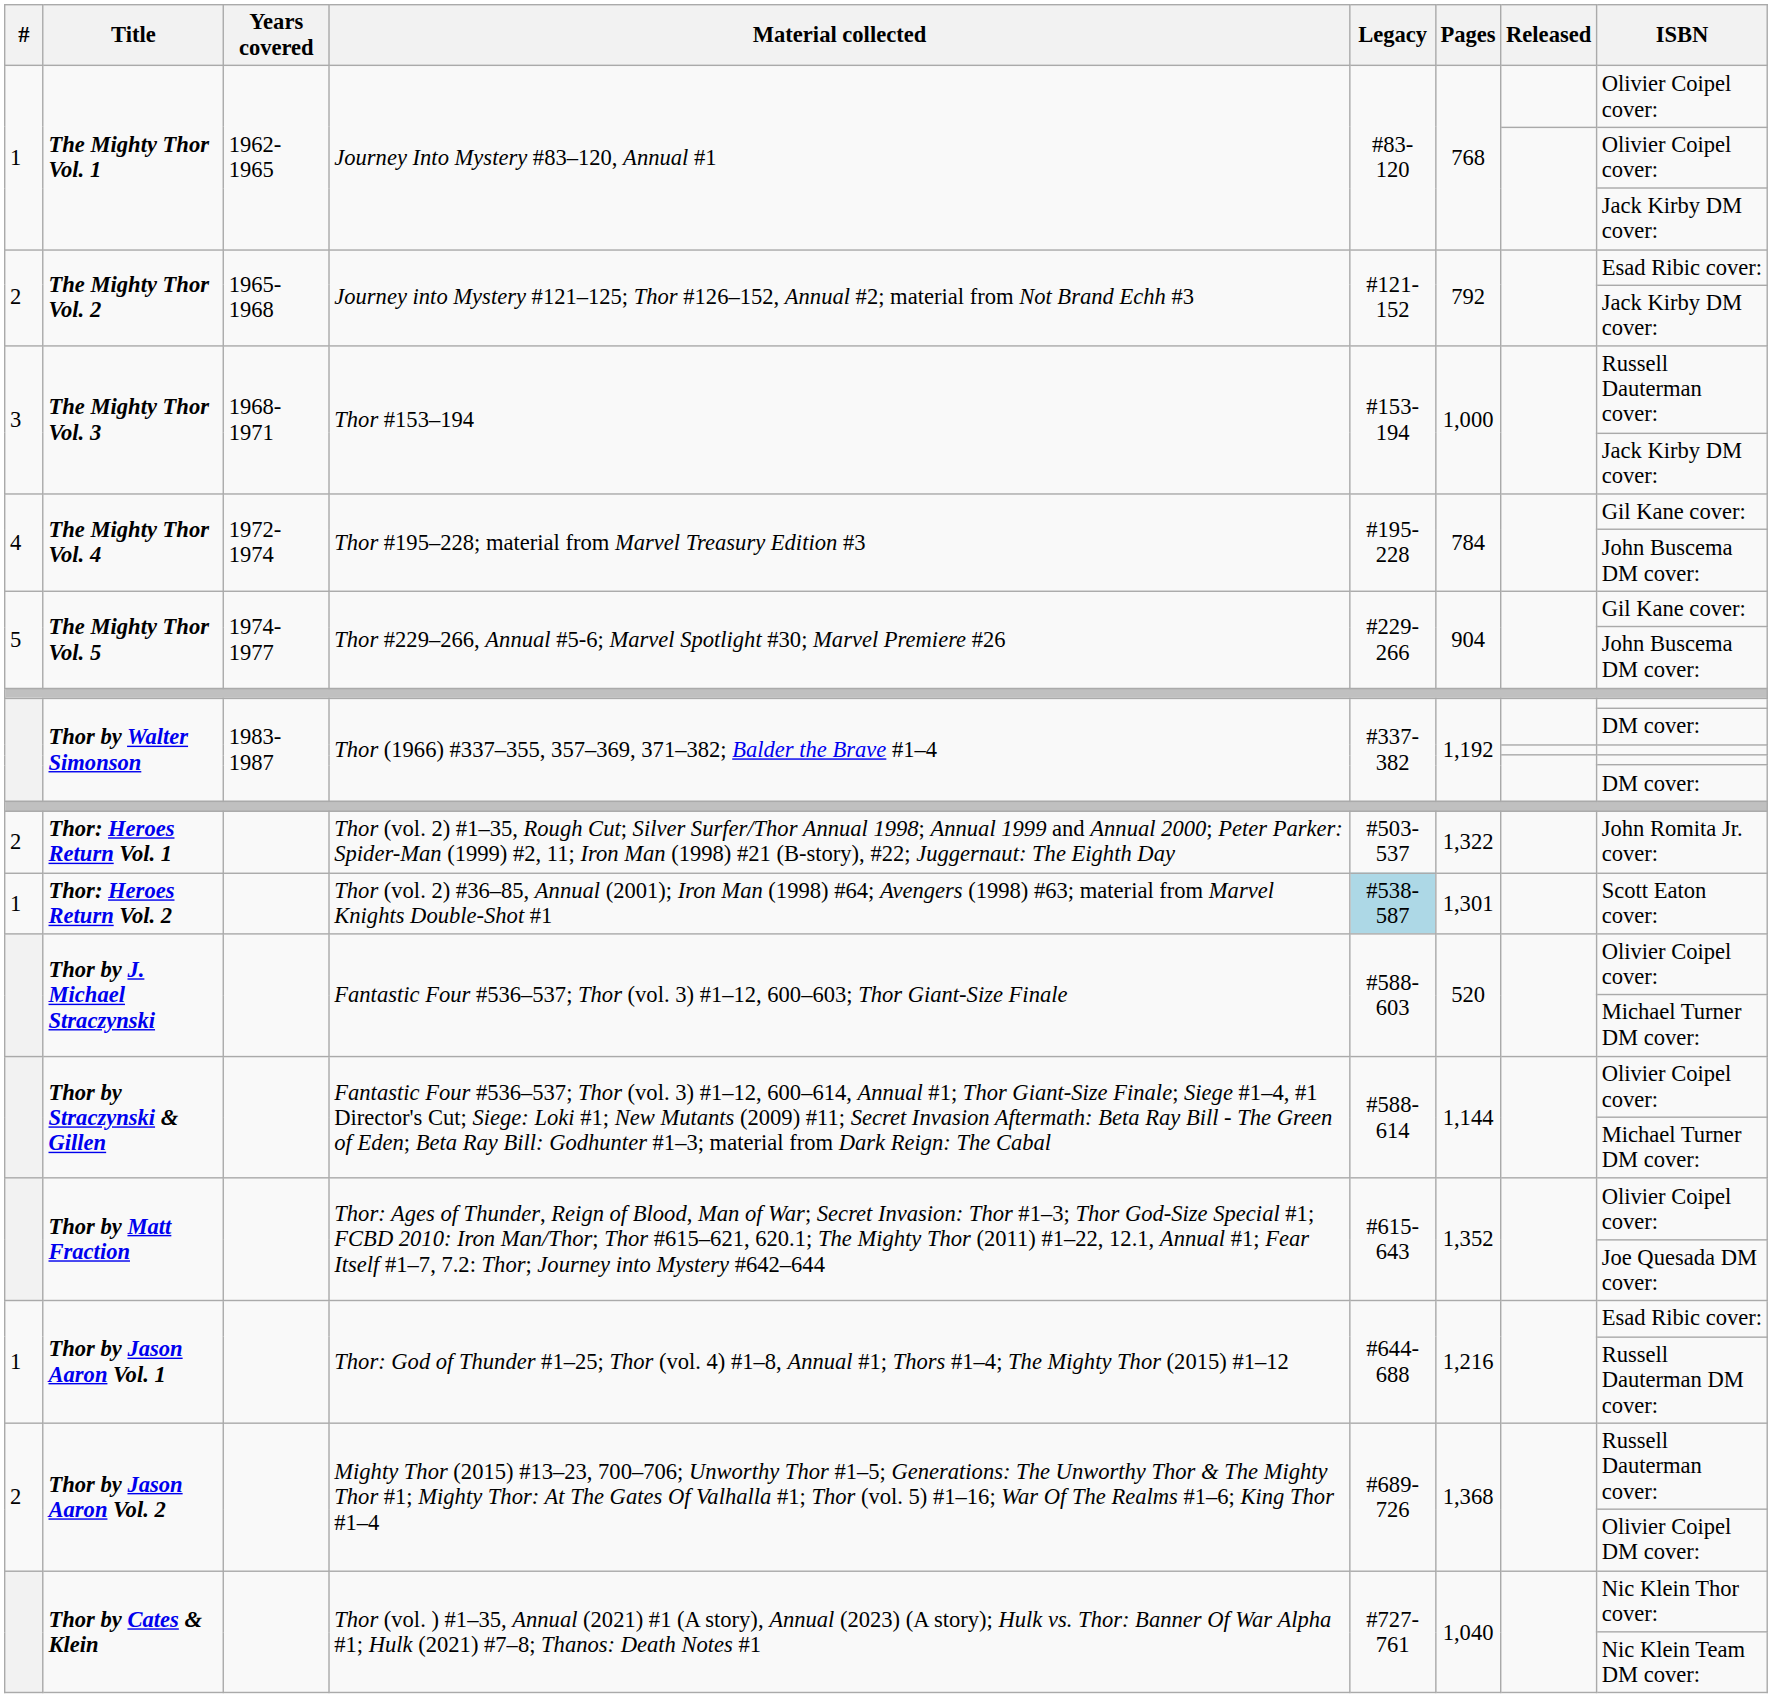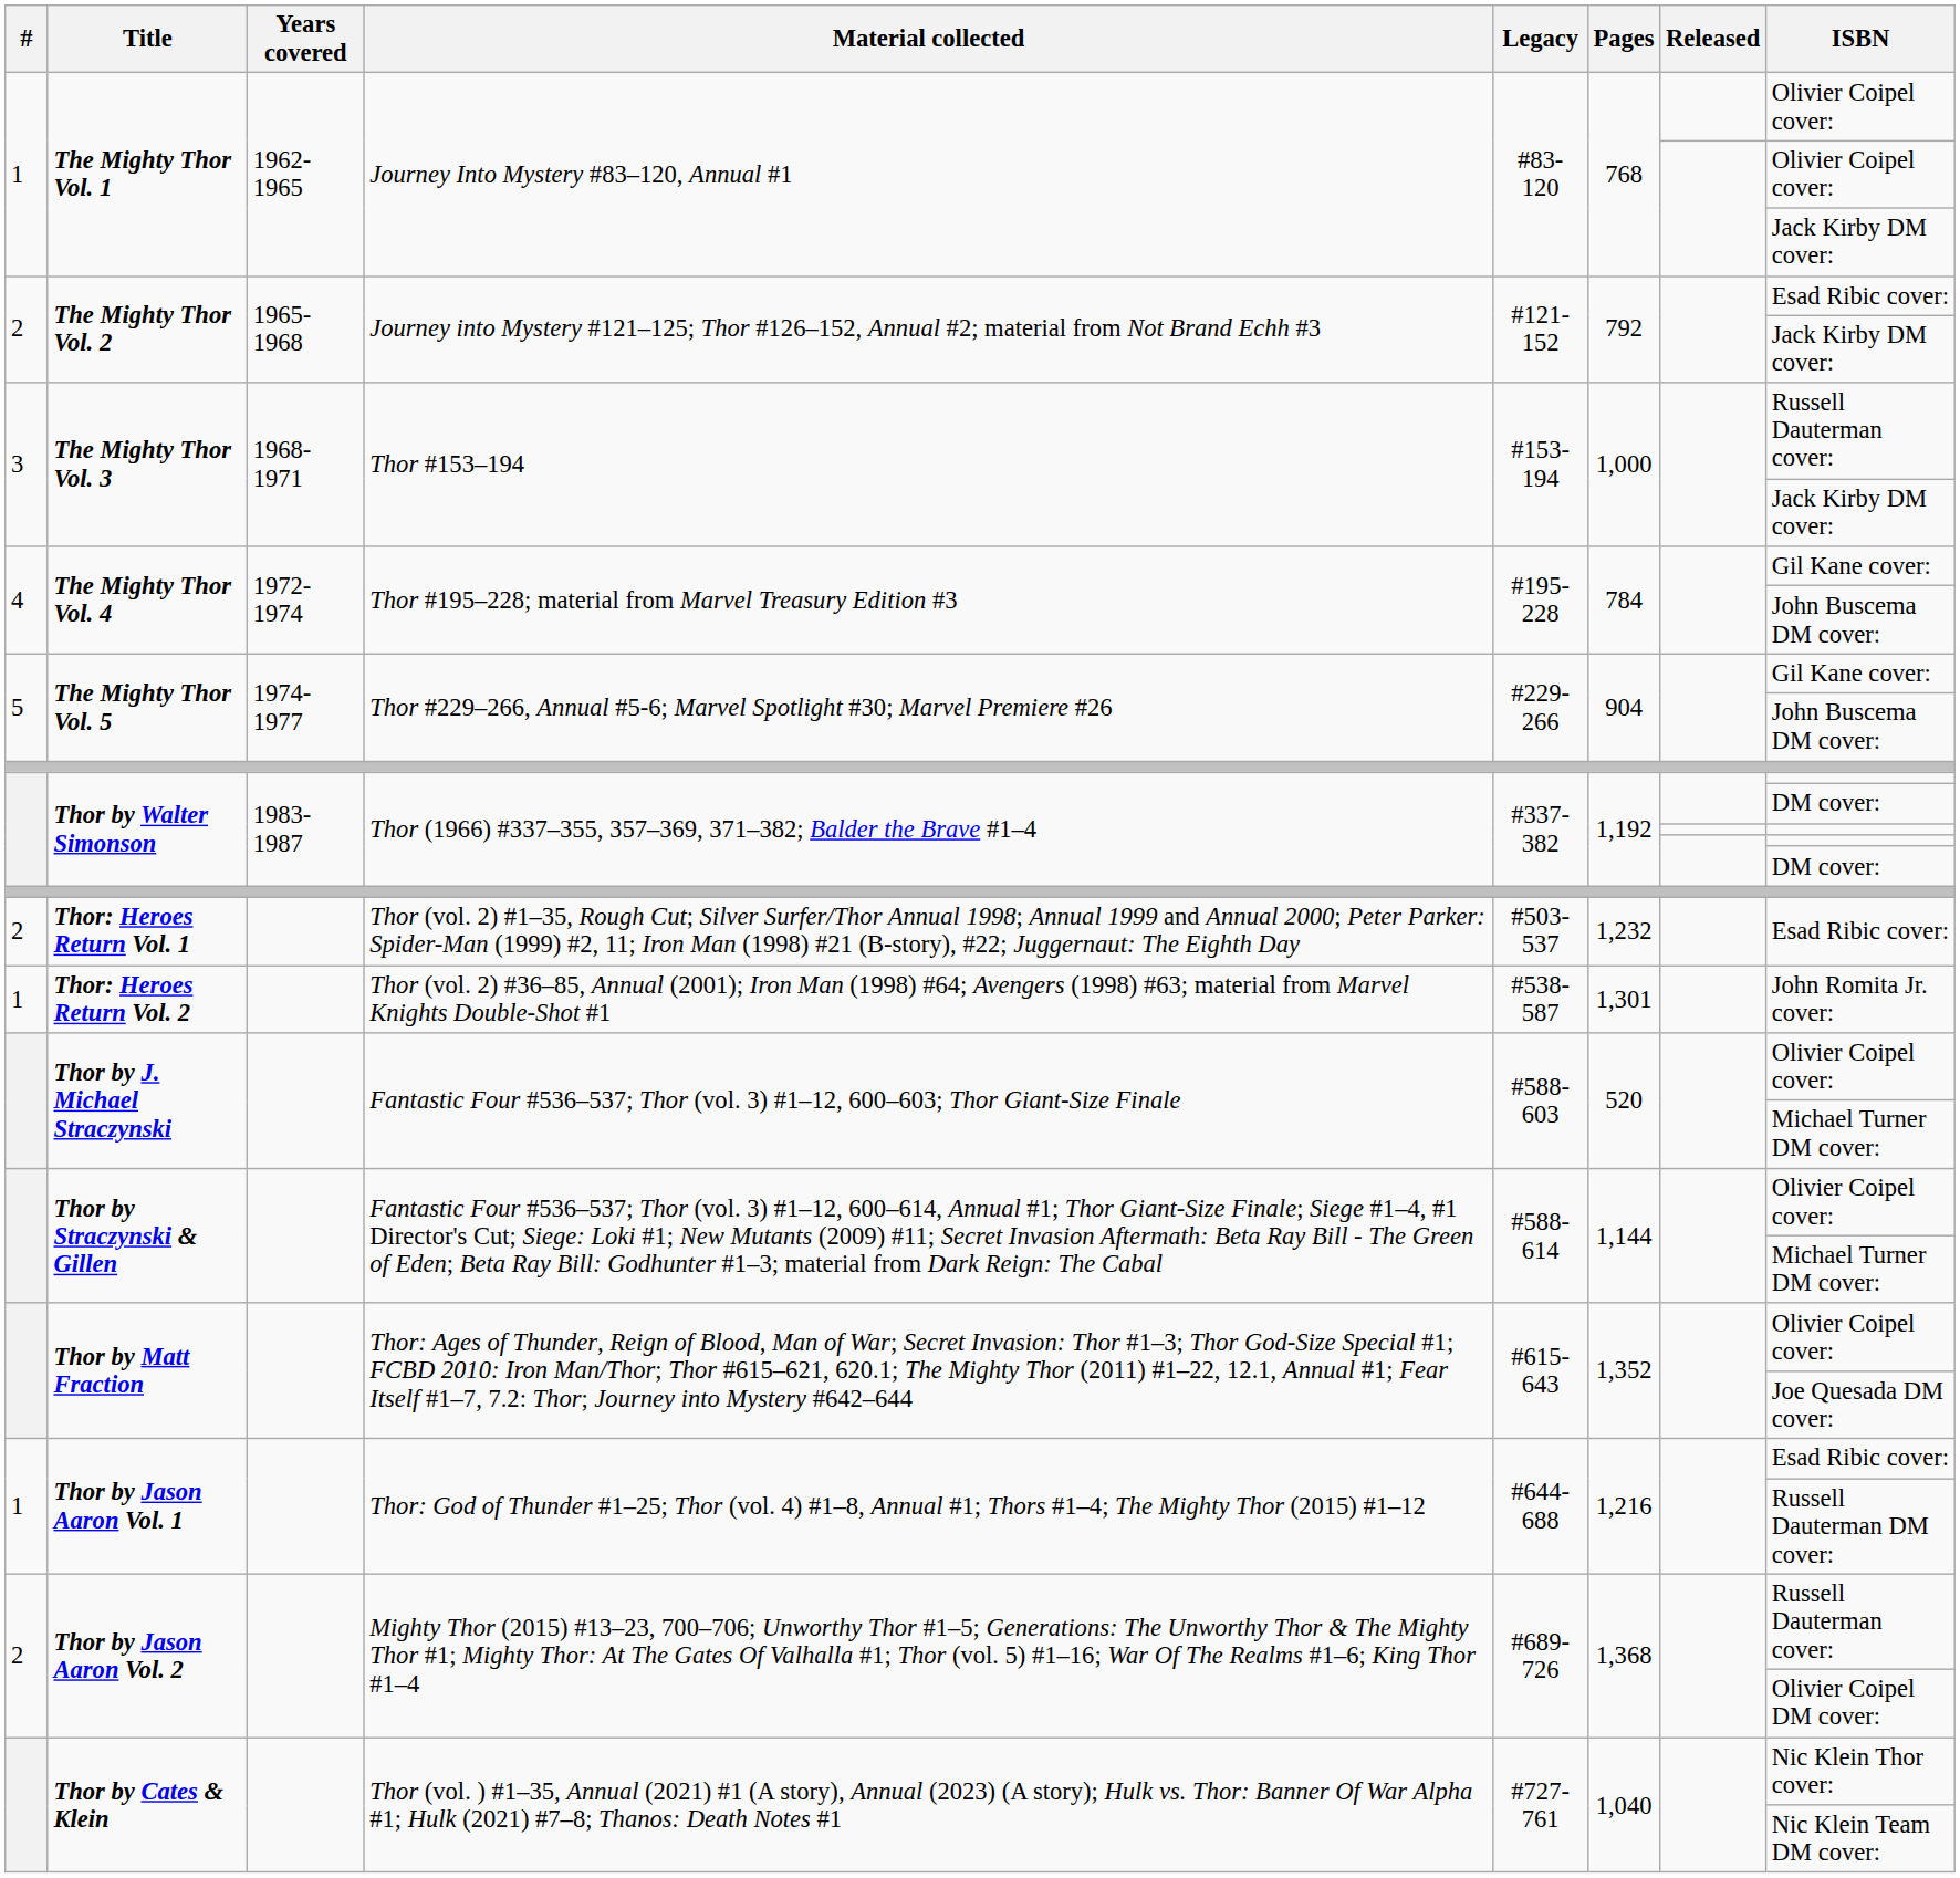 <table class="wikitable sortable" width="99%">
 <tr>
 <th class="unsortable" width="20px">#</th>
 <th>Title</th>
 <th>Years covered</th>
 <th class="unsortable">Material collected</th>
 <th>Legacy</th>
 <th>Pages</th>
 <th>Released</th>
 <th class="unsortable">ISBN</th>
 </tr>
 <tr>
 <td rowspan=3>1</td>
 <td rowspan=3><strong><em>The Mighty Thor Vol. 1</em></strong></td>
 <td rowspan=3>1962-1965</td>
 <td rowspan=3><em>Journey Into Mystery</em> #83–120, <em>Annual</em> #1</td>
 <td rowspan=3 style="text-align: center;">#83-120</td>
 <td rowspan=3 style="text-align: center;">768</td>
 <td></td>
 <td>Olivier Coipel cover: </td>
 </tr>
 <tr>
 <td rowspan=2></td>
 <td>Olivier Coipel cover: </td>
 </tr>
 <tr>
 <td>Jack Kirby DM cover: </td>
 </tr>
 <tr>
 <td rowspan=2>2</td>
 <td rowspan=2><strong><em>The Mighty Thor Vol. 2</em></strong></td>
 <td rowspan=2>1965-1968</td>
 <td rowspan=2><em>Journey into Mystery</em> #121–125; <em>Thor</em> #126–152, <em>Annual</em> #2; material from <em>Not Brand Echh</em> #3</td>
 <td rowspan=2 style="text-align: center;">#121-152</td>
 <td rowspan=2 style="text-align: center;">792</td>
 <td rowspan=2></td>
 <td>Esad Ribic cover: </td>
 </tr>
 <tr>
 <td>Jack Kirby DM cover: </td>
 </tr>
 <tr>
 <td rowspan=2>3</td>
 <td rowspan=2><strong><em>The Mighty Thor Vol. 3</em></strong></td>
 <td rowspan=2>1968-1971</td>
 <td rowspan=2><em>Thor</em> #153–194</td>
 <td rowspan=2 style="text-align: center;">#153-194</td>
 <td rowspan=2 style="text-align: center;">1,000</td>
 <td rowspan=2></td>
 <td>Russell Dauterman cover: </td>
 </tr>
 <tr>
 <td>Jack Kirby DM cover: </td>
 </tr>
 <tr>
 <td rowspan=2>4</td>
 <td rowspan=2><strong><em>The Mighty Thor Vol. 4</em></strong></td>
 <td rowspan=2>1972-1974</td>
 <td rowspan=2><em>Thor</em> #195–228; material from <em>Marvel Treasury Edition</em> #3</td>
 <td rowspan=2 style="text-align: center;">#195-228</td>
 <td rowspan=2 style="text-align: center;">784</td>
 <td rowspan=2></td>
 <td>Gil Kane cover: </td>
 </tr>
 <tr>
 <td>John Buscema DM cover: </td>
 </tr>
 <tr>
 <td rowspan=2>5</td>
 <td rowspan=2><strong><em>The Mighty Thor Vol. 5</em></strong></td>
 <td rowspan="2">1974-1977</td>
 <td rowspan=2><em>Thor</em> #229–266, <em>Annual</em> #5-6; <em>Marvel Spotlight</em> #30; <em>Marvel Premiere</em> #26</td>
 <td rowspan=2 style="text-align: center;">#229-266</td>
 <td rowspan=2 style="text-align: center;">904</td>
 <td rowspan=2></td>
 <td>Gil Kane cover: </td>
 </tr>
 <tr>
 <td>John Buscema DM cover: </td>
 </tr>
 <tr>
 <th colspan=8 style="background-color: silver;"></th>
 </tr>
 <tr>
 <th rowspan=5 style="background-color: light grey;"></th>
 <td rowspan=5><strong><em>Thor by <a href='#'>Walter Simonson</a></em></strong></td>
 <td rowspan=5>1983-1987</td>
 <td rowspan=5><em>Thor</em> (1966) #337–355, 357–369, 371–382; <em><a href='#'>Balder the Brave</a></em> #1–4</td>
 <td rowspan=5 style="text-align: center;">#337-382</td>
 <td rowspan=5 style="text-align: center;">1,192</td>
 <td rowspan=2></td>
 <td></td>
 </tr>
 <tr>
 <td>DM cover: </td>
 </tr>
 <tr>
 <td></td>
 <td></td>
 </tr>
 <tr>
 <td rowspan=2></td>
 <td></td>
 </tr>
 <tr>
 <td>DM cover: </td>
 </tr>
 <tr>
 <th colspan=8 style="background-color: silver;"></th>
 </tr>
 <tr>
 <td>2</td>
 <td><strong><em>Thor: <a href='#'>Heroes Return</a> Vol. 1</em></strong></td>
 <td></td>
 <td><em>Thor</em> (vol. 2) #1–35, <em>Rough Cut</em>; <em>Silver Surfer/Thor Annual 1998</em>; <em>Annual 1999</em> and <em>Annual 2000</em>; <em>Peter Parker: Spider-Man</em> (1999) #2, 11; <em>Iron Man</em> (1998) #21 (B-story), #22; <em>Juggernaut: The Eighth Day</em></td>
 <td style="text-align: center;">#503-537</td>
-<td style="text-align: center;">1,322</td>
+<td style="text-align: center;">1,232</td>
 <td></td>
-<td>John Romita Jr. cover: </td>
+<td>Esad Ribic cover: </td>
 </tr>
 <tr>
 <td>1</td>
 <td><strong><em>Thor: <a href='#'>Heroes Return</a> Vol. 2</em></strong></td>
 <td></td>
 <td><em>Thor</em> (vol. 2) #36–85, <em>Annual</em> (2001); <em>Iron Man</em> (1998) #64; <em>Avengers</em> (1998) #63; material from <em>Marvel Knights Double-Shot</em> #1</td>
-<td style="background: lightblue; text-align: center;">#538-587</td>
+<td style="text-align: center;">#538-587</td>
 <td style="text-align: center;">1,301</td>
 <td></td>
-<td>Scott Eaton cover: </td>
+<td>John Romita Jr. cover: </td>
 </tr>
 <tr>
 <th rowspan=2 style="background-color: light grey;"></th>
 <td rowspan=2><strong><em>Thor by <a href='#'>J. Michael Straczynski</a></em></strong></td>
 <td rowspan=2></td>
 <td rowspan=2><em>Fantastic Four</em> #536–537; <em>Thor</em> (vol. 3) #1–12, 600–603; <em>Thor Giant-Size Finale</em></td>
 <td rowspan=2 style="text-align: center;">#588-603</td>
 <td rowspan=2 style="text-align: center;">520</td>
 <td rowspan=2></td>
 <td>Olivier Coipel cover: </td>
 </tr>
 <tr>
 <td>Michael Turner DM cover: </td>
 </tr>
 <tr>
 <th rowspan=2 style="background-color: light grey;"></th>
 <td rowspan=2><strong><em>Thor by <a href='#'>Straczynski</a> & <a href='#'>Gillen</a></em></strong></td>
 <td rowspan=2></td>
 <td rowspan=2><em>Fantastic Four</em> #536–537; <em>Thor</em> (vol. 3) #1–12, 600–614, <em>Annual</em> #1; <em>Thor Giant-Size Finale</em>; <em>Siege</em> #1–4, #1 Director's Cut; <em>Siege: Loki</em> #1; <em>New Mutants</em> (2009) #11; <em>Secret Invasion Aftermath: Beta Ray Bill - The Green of Eden</em>; <em>Beta Ray Bill: Godhunter</em> #1–3; material from <em>Dark Reign: The Cabal</em></td>
 <td rowspan=2 style="text-align: center;">#588-614</td>
 <td rowspan=2 style="text-align: center;">1,144</td>
 <td rowspan=2></td>
 <td>Olivier Coipel cover: </td>
 </tr>
 <tr>
 <td>Michael Turner DM cover: </td>
 </tr>
 <tr>
 <th rowspan=2 style="background-color: light grey;"></th>
 <td rowspan=2><strong><em>Thor by <a href='#'>Matt Fraction</a></em></strong></td>
 <td rowspan=2></td>
 <td rowspan=2><em>Thor: Ages of Thunder</em>, <em>Reign of Blood</em>, <em>Man of War</em>; <em>Secret Invasion: Thor</em> #1–3; <em>Thor God-Size Special</em> #1; <em>FCBD 2010: Iron Man/Thor</em>; <em>Thor</em> #615–621, 620.1; <em>The Mighty Thor</em> (2011) #1–22, 12.1, <em>Annual</em> #1; <em>Fear Itself</em> #1–7, 7.2: <em>Thor</em>; <em>Journey into Mystery</em> #642–644</td>
 <td rowspan=2 style="text-align: center;">#615-643</td>
 <td rowspan=2 style="text-align: center;">1,352</td>
 <td rowspan=2></td>
 <td>Olivier Coipel cover: </td>
 </tr>
 <tr>
 <td>Joe Quesada DM cover: </td>
 </tr>
 <tr>
 <td rowspan=2>1</td>
 <td rowspan=2><strong><em>Thor by <a href='#'>Jason Aaron</a> Vol. 1</em></strong></td>
 <td rowspan=2></td>
 <td rowspan=2><em>Thor: God of Thunder</em> #1–25; <em>Thor</em> (vol. 4) #1–8, <em>Annual</em> #1; <em>Thors</em> #1–4; <em>The Mighty Thor</em> (2015) #1–12</td>
 <td rowspan=2 style="text-align: center;">#644-688</td>
 <td rowspan=2 style="text-align: center;">1,216</td>
 <td rowspan=2></td>
 <td>Esad Ribic cover: </td>
 </tr>
 <tr>
 <td>Russell Dauterman DM cover: </td>
 </tr>
 <tr>
 <td rowspan=2>2</td>
 <td rowspan=2><strong><em>Thor by <a href='#'>Jason Aaron</a> Vol. 2</em></strong></td>
 <td rowspan=2></td>
 <td rowspan=2><em>Mighty Thor</em> (2015) #13–23, 700–706; <em>Unworthy Thor</em> #1–5; <em>Generations: The Unworthy Thor & The Mighty Thor</em> #1; <em>Mighty Thor: At The Gates Of Valhalla</em> #1; <em>Thor</em> (vol. 5) #1–16; <em>War Of The Realms</em> #1–6; <em>King Thor</em> #1–4</td>
 <td rowspan=2 style="text-align: center;">#689-726</td>
 <td rowspan=2 style="text-align: center;">1,368</td>
 <td rowspan=2></td>
 <td>Russell Dauterman cover: </td>
 </tr>
 <tr>
 <td>Olivier Coipel DM cover: </td>
 </tr>
 <tr>
 <th rowspan=2 style="background-color: light grey;"></th>
 <td rowspan=2><strong><em>Thor by <a href='#'>Cates</a> & Klein</em></strong></td>
 <td rowspan=2></td>
 <td rowspan=2><em>Thor</em> (vol. ) #1–35, <em>Annual</em> (2021) #1 (A story), <em>Annual</em> (2023) (A story); <em>Hulk vs. Thor: Banner Of War Alpha</em> #1; <em>Hulk</em> (2021) #7–8; <em>Thanos: Death Notes</em> #1</td>
 <td rowspan=2 style="text-align: center;">#727-761</td>
 <td rowspan=2 style="text-align: center;">1,040</td>
 <td rowspan=2></td>
 <td>Nic Klein Thor cover: </td>
 </tr>
 <tr>
 <td>Nic Klein Team DM cover: </td>
 </tr>
 </table>
